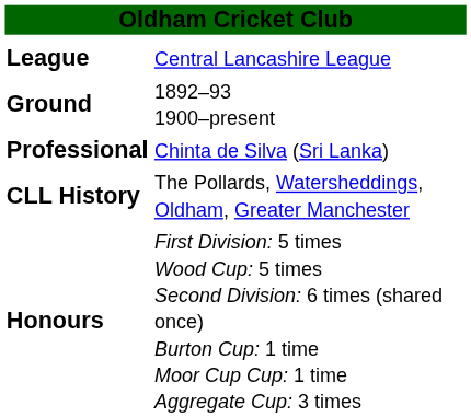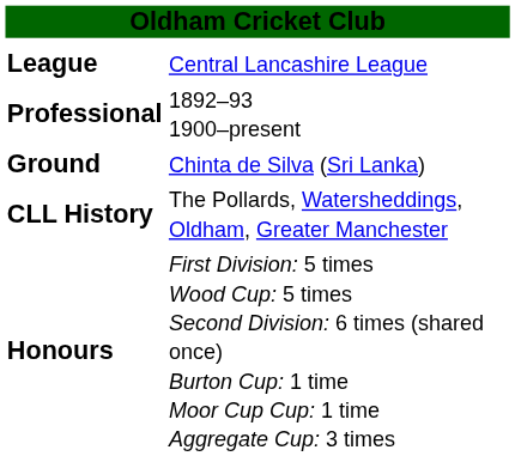 <table width=25% border=0 style="float:right;">
 <tr>
 <th colspan=2 style="background:#006600"><span><strong>Oldham Cricket Club</strong></span></th>
 </tr>
 <tr>
 <td colspan=2 align=center></td>
 </tr>
 <tr>
 <td><strong>League</strong></td>
 <td><small><a href='#'>Central Lancashire League</a></small></td>
 </tr>
 <tr>
-<td><strong>Ground</strong></td>
+<td><strong>Professional</strong></td>
 <td><small>1892–93<br>1900–present</small><br></td>
 </tr>
 <tr>
-<td><strong>Professional</strong></td>
+<td><strong>Ground</strong></td>
 <td><small><a href='#'>Chinta de Silva</a> (<a href='#'>Sri Lanka</a>)</small><br></td>
 </tr>
 <tr>
 <td><strong>CLL History</strong></td>
 <td><small>The Pollards, <a href='#'>Watersheddings</a>, <a href='#'>Oldham</a>, <a href='#'>Greater Manchester</a></small></td>
 </tr>
 <tr>
 <td><strong>Honours</strong></td>
 <td><small><em>First Division:</em> 5 times<br><em>Wood Cup:</em> 5 times<br><em>Second Division:</em> 6 times (shared once)<br><em>Burton Cup:</em> 1 time <br><em>Moor Cup Cup:</em> 1 time <br><em>Aggregate Cup:</em> 3 times</small></td>
 </tr>
 <tr>
 </tr>
 </table>
